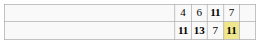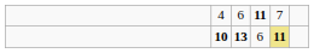 <table class="wikitable">
 <tr>
 <td style="width:15em"></td>
 <td align=center style="width:1em">4</td>
 <td align=center style="width:1em">6</td>
 <td align=center style="width:1em"><strong>11</strong></td>
 <td align=center style="width:1em">7</td>
 <td align=center style="width:1em"></td>
 </tr>
 <tr>
 <td style="width:15em"></td>
-<td align=center style="width:1em"><strong>11</strong></td>
+<td align=center style="width:1em"><strong>10</strong></td>
 <td align=center style="width:1em"><strong>13</strong></td>
-<td align=center style="width:1em">7</td>
+<td align=center style="width:1em">6</td>
 <td align=center style="background: khaki; width:1em"><strong>11</strong></td>
 <td align=center style="width:1em"></td>
 </tr>
 </table>
